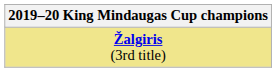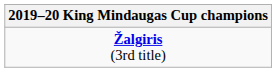 <table class=wikitable style="text-align:center; margin:auto">
 <tr>
 <th>2019–20 King Mindaugas Cup champions</th>
 </tr>
 <tr>
-<td style="background: khaki;"><strong><a href='#'>Žalgiris</a></strong><br>(3rd title)</td>
+<td><strong><a href='#'>Žalgiris</a></strong><br>(3rd title)</td>
 </tr>
 </table>
